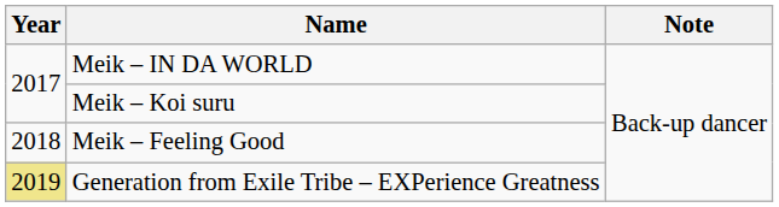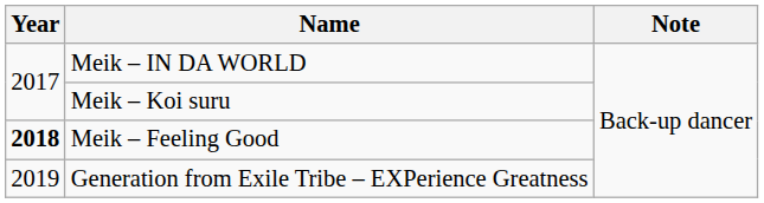 <table class="wikitable">
 <tr>
 <th>Year</th>
 <th>Name</th>
 <th>Note</th>
 </tr>
 <tr>
 <td rowspan="2">2017</td>
 <td>Meik – IN DA WORLD</td>
 <td rowspan="4">Back-up dancer</td>
 </tr>
 <tr>
 <td>Meik – Koi suru</td>
 </tr>
 <tr>
-<td>2018</td>
+<td><strong>2018</strong></td>
 <td>Meik – Feeling Good</td>
 </tr>
 <tr>
-<td style="background: khaki;">2019</td>
+<td>2019</td>
 <td>Generation from Exile Tribe – EXPerience Greatness</td>
 </tr>
 </table>
